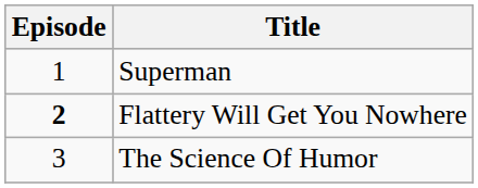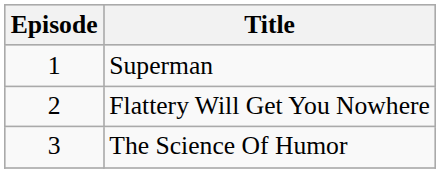 <table class="wikitable sortable" style="text-align: center;">
 <tr>
 <th>Episode</th>
 <th>Title</th>
 </tr>
 <tr>
 <td>1</td>
 <td align="left">Superman</td>
 </tr>
 <tr>
-<td><strong>2</strong></td>
+<td>2</td>
 <td align="left">Flattery Will Get You Nowhere</td>
 </tr>
 <tr>
 <td>3</td>
 <td align="left">The Science Of Humor</td>
 </tr>
 </table>
